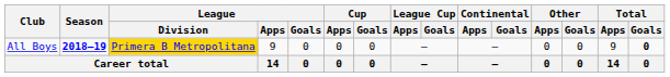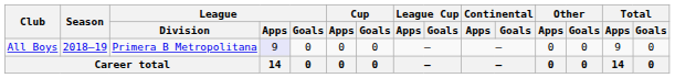 <table class="wikitable" style="text-align:center">
 <tr>
 <th rowspan="2">Club</th>
 <th rowspan="2">Season</th>
 <th colspan="3">League</th>
 <th colspan="2">Cup</th>
 <th colspan="2">League Cup</th>
 <th colspan="2">Continental</th>
 <th colspan="2">Other</th>
 <th colspan="2">Total</th>
 </tr>
 <tr>
 <th>Division</th>
 <th>Apps</th>
 <th>Goals</th>
 <th>Apps</th>
 <th>Goals</th>
 <th>Apps</th>
 <th>Goals</th>
 <th>Apps</th>
 <th>Goals</th>
 <th>Apps</th>
 <th>Goals</th>
 <th>Apps</th>
 <th>Goals</th>
 </tr>
 <tr>
 <td rowspan="1"><a href='#'>All Boys</a></td>
-<td><strong><a href='#'>2018–19</a></strong></td>
-<td rowspan="1" style="background: gold;"><a href='#'>Primera B Metropolitana</a></td>
-<td>9</td>
+<td><a href='#'>2018–19</a></td>
+<td rowspan="1"><a href='#'>Primera B Metropolitana</a></td>
+<td style="background: lavender;">9</td>
 <td>0</td>
 <td>0</td>
 <td>0</td>
 <td colspan="2">—</td>
 <td colspan="2">—</td>
 <td>0</td>
 <td>0</td>
 <td>9</td>
-<td><strong>0</strong></td>
+<td>0</td>
 </tr>
 <tr>
 <th colspan="3">Career total</th>
 <th>14</th>
 <th>0</th>
 <th>0</th>
 <th>0</th>
 <th colspan="2">—</th>
 <th colspan="2">—</th>
 <th>0</th>
 <th>0</th>
 <th>14</th>
 <th>0</th>
 </tr>
 </table>
